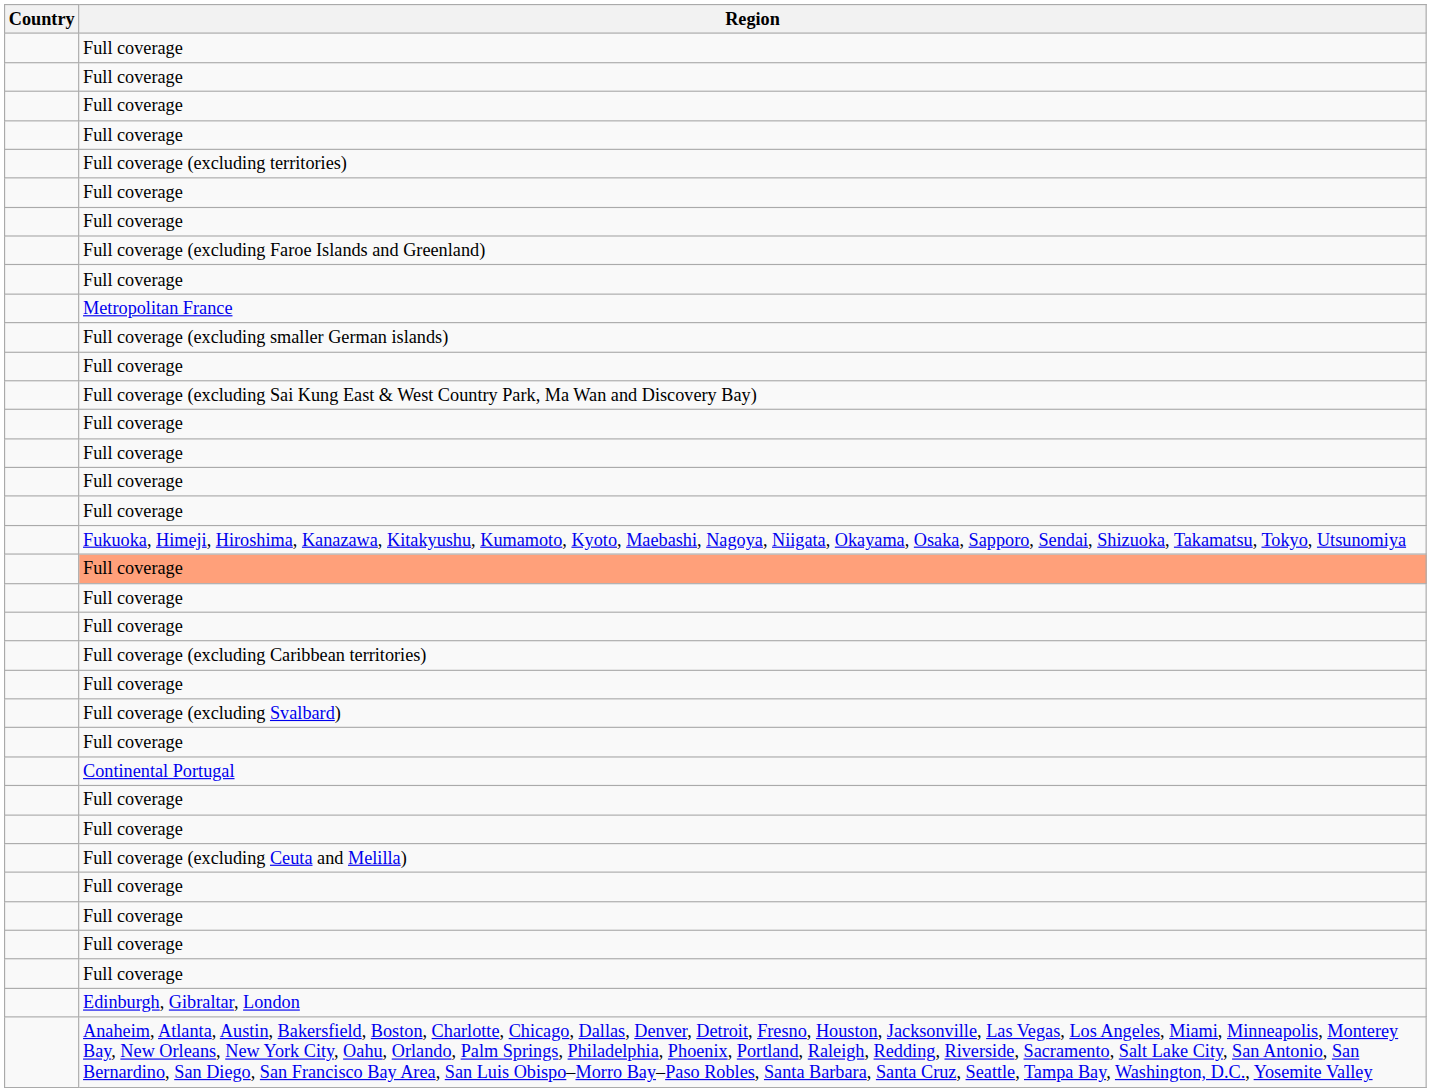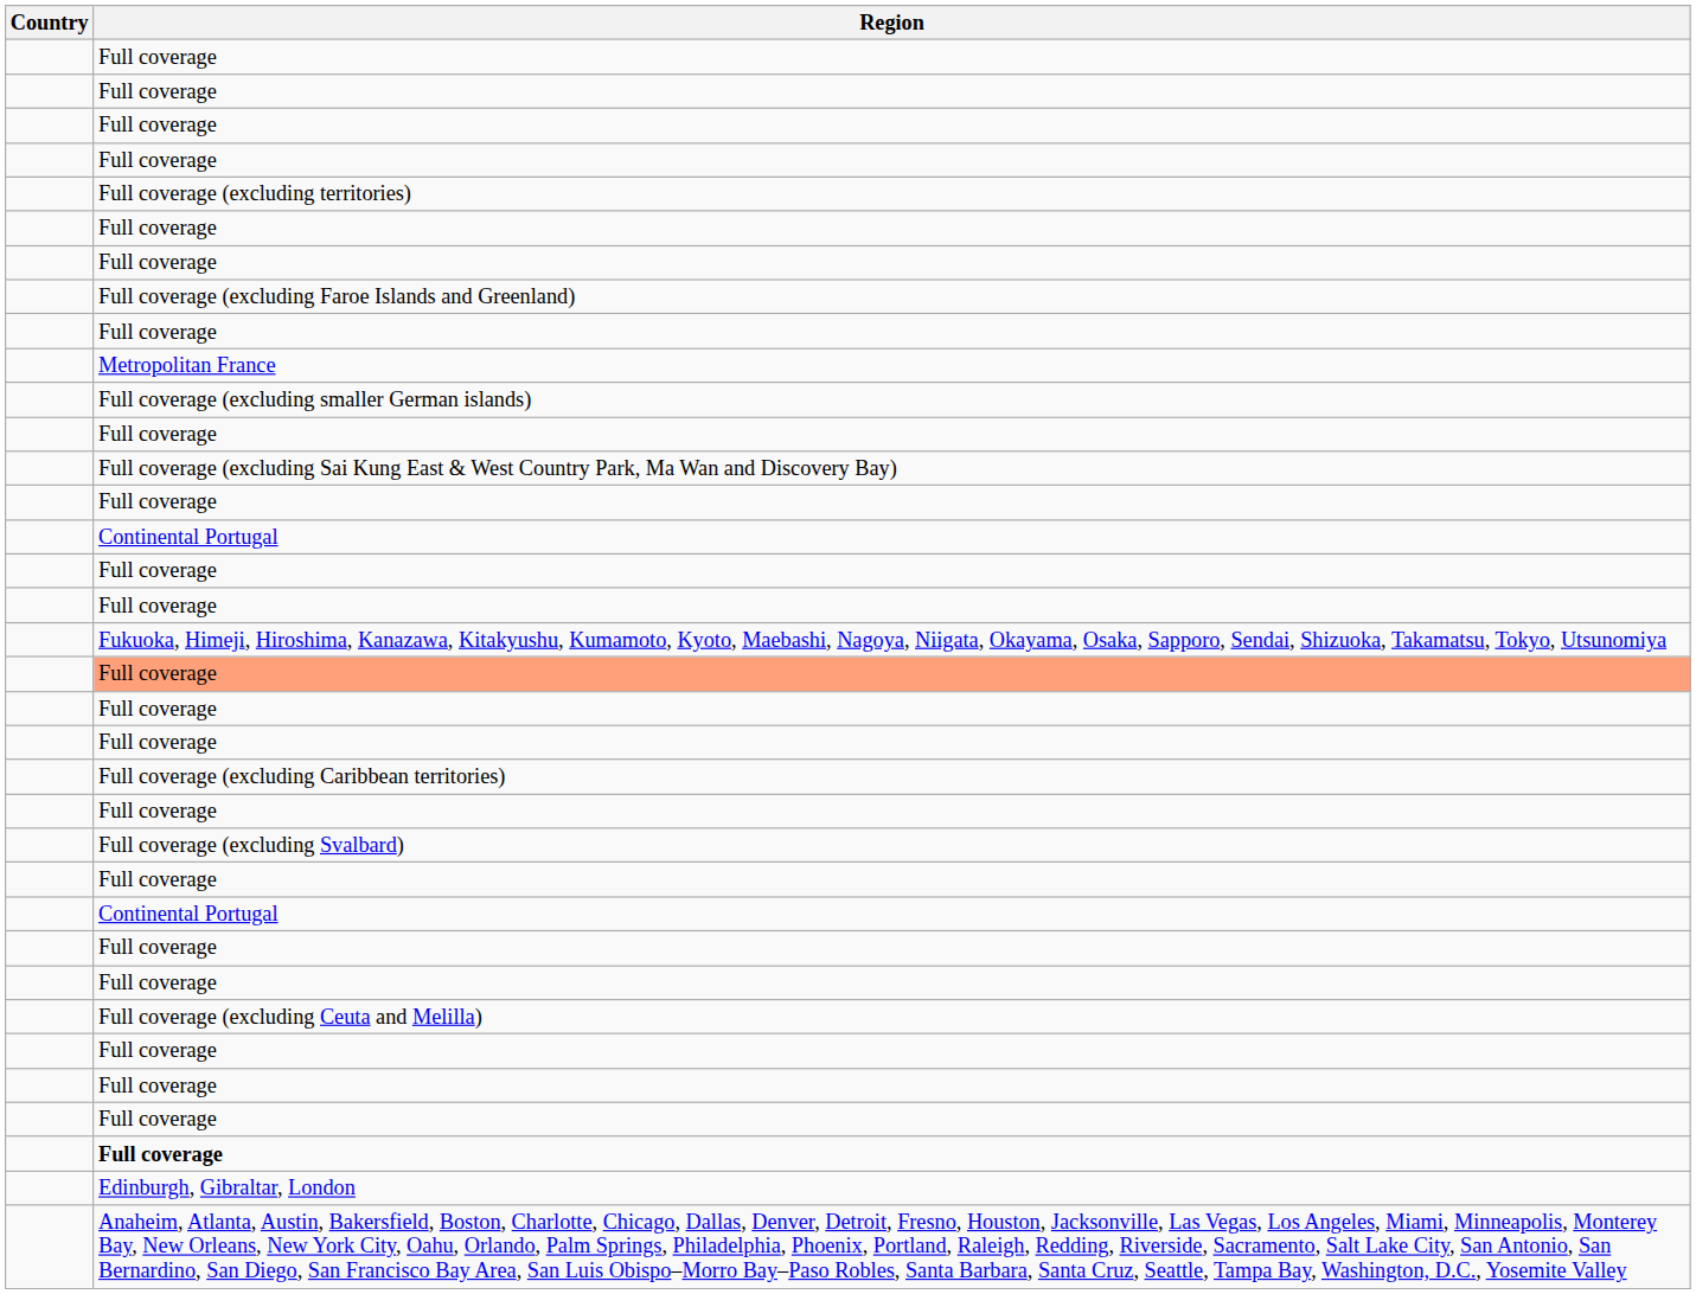 <table class="wikitable">
 <tr>
 <th>Country</th>
 <th>Region</th>
 </tr>
 <tr>
 <td></td>
 <td>Full coverage</td>
 </tr>
 <tr>
 <td></td>
 <td>Full coverage</td>
 </tr>
 <tr>
 <td></td>
 <td>Full coverage</td>
 </tr>
 <tr>
 <td></td>
 <td>Full coverage</td>
 </tr>
 <tr>
 <td></td>
 <td>Full coverage (excluding territories)</td>
 </tr>
 <tr>
 <td></td>
 <td>Full coverage</td>
 </tr>
 <tr>
 <td></td>
 <td>Full coverage</td>
 </tr>
 <tr>
 <td></td>
 <td>Full coverage (excluding Faroe Islands and Greenland)</td>
 </tr>
 <tr>
 <td></td>
 <td>Full coverage</td>
 </tr>
 <tr>
 <td></td>
 <td><a href='#'>Metropolitan France</a></td>
 </tr>
 <tr>
 <td></td>
 <td>Full coverage (excluding smaller German islands)</td>
 </tr>
 <tr>
 <td></td>
 <td>Full coverage</td>
 </tr>
 <tr>
 <td></td>
 <td>Full coverage (excluding Sai Kung East & West Country Park, Ma Wan and Discovery Bay)</td>
 </tr>
 <tr>
 <td></td>
 <td>Full coverage</td>
 </tr>
 <tr>
 <td></td>
-<td>Full coverage</td>
+<td><a href='#'>Continental Portugal</a></td>
 </tr>
 <tr>
 <td></td>
 <td>Full coverage</td>
 </tr>
 <tr>
 <td></td>
 <td>Full coverage</td>
 </tr>
 <tr>
 <td></td>
 <td><a href='#'>Fukuoka</a>, <a href='#'>Himeji</a>, <a href='#'>Hiroshima</a>, <a href='#'>Kanazawa</a>, <a href='#'>Kitakyushu</a>, <a href='#'>Kumamoto</a>, <a href='#'>Kyoto</a>, <a href='#'>Maebashi</a>, <a href='#'>Nagoya</a>, <a href='#'>Niigata</a>, <a href='#'>Okayama</a>, <a href='#'>Osaka</a>, <a href='#'>Sapporo</a>, <a href='#'>Sendai</a>, <a href='#'>Shizuoka</a>, <a href='#'>Takamatsu</a>, <a href='#'>Tokyo</a>, <a href='#'>Utsunomiya</a></td>
 </tr>
 <tr>
 <td></td>
 <td style="background: lightsalmon;">Full coverage</td>
 </tr>
 <tr>
 <td></td>
 <td>Full coverage</td>
 </tr>
 <tr>
 <td></td>
 <td>Full coverage</td>
 </tr>
 <tr>
 <td></td>
 <td>Full coverage (excluding Caribbean territories)</td>
 </tr>
 <tr>
 <td></td>
 <td>Full coverage</td>
 </tr>
 <tr>
 <td></td>
 <td>Full coverage (excluding <a href='#'>Svalbard</a>)</td>
 </tr>
 <tr>
 <td></td>
 <td>Full coverage</td>
 </tr>
 <tr>
 <td></td>
 <td><a href='#'>Continental Portugal</a></td>
 </tr>
 <tr>
 <td></td>
 <td>Full coverage</td>
 </tr>
 <tr>
 <td></td>
 <td>Full coverage</td>
 </tr>
 <tr>
 <td></td>
 <td>Full coverage (excluding <a href='#'>Ceuta</a> and <a href='#'>Melilla</a>)</td>
 </tr>
 <tr>
 <td></td>
 <td>Full coverage</td>
 </tr>
 <tr>
 <td></td>
 <td>Full coverage</td>
 </tr>
 <tr>
 <td></td>
 <td>Full coverage</td>
 </tr>
 <tr>
 <td></td>
-<td>Full coverage</td>
+<td><strong>Full coverage</strong></td>
 </tr>
 <tr>
 <td></td>
 <td><a href='#'>Edinburgh</a>, <a href='#'>Gibraltar</a>, <a href='#'>London</a></td>
 </tr>
 <tr>
 <td></td>
 <td><a href='#'>Anaheim</a>, <a href='#'>Atlanta</a>, <a href='#'>Austin</a>, <a href='#'>Bakersfield</a>, <a href='#'>Boston</a>, <a href='#'>Charlotte</a>, <a href='#'>Chicago</a>, <a href='#'>Dallas</a>, <a href='#'>Denver</a>, <a href='#'>Detroit</a>, <a href='#'>Fresno</a>, <a href='#'>Houston</a>, <a href='#'>Jacksonville</a>, <a href='#'>Las Vegas</a>, <a href='#'>Los Angeles</a>, <a href='#'>Miami</a>, <a href='#'>Minneapolis</a>, <a href='#'>Monterey Bay</a>, <a href='#'>New Orleans</a>, <a href='#'>New York City</a>, <a href='#'>Oahu</a>, <a href='#'>Orlando</a>, <a href='#'>Palm Springs</a>, <a href='#'>Philadelphia</a>, <a href='#'>Phoenix</a>, <a href='#'>Portland</a>, <a href='#'>Raleigh</a>, <a href='#'>Redding</a>, <a href='#'>Riverside</a>, <a href='#'>Sacramento</a>, <a href='#'>Salt Lake City</a>, <a href='#'>San Antonio</a>, <a href='#'>San Bernardino</a>, <a href='#'>San Diego</a>, <a href='#'>San Francisco Bay Area</a>, <a href='#'>San Luis Obispo</a>–<a href='#'>Morro Bay</a>–<a href='#'>Paso Robles</a>, <a href='#'>Santa Barbara</a>, <a href='#'>Santa Cruz</a>, <a href='#'>Seattle</a>, <a href='#'>Tampa Bay</a>, <a href='#'>Washington, D.C.</a>, <a href='#'>Yosemite Valley</a></td>
 </tr>
 </table>
